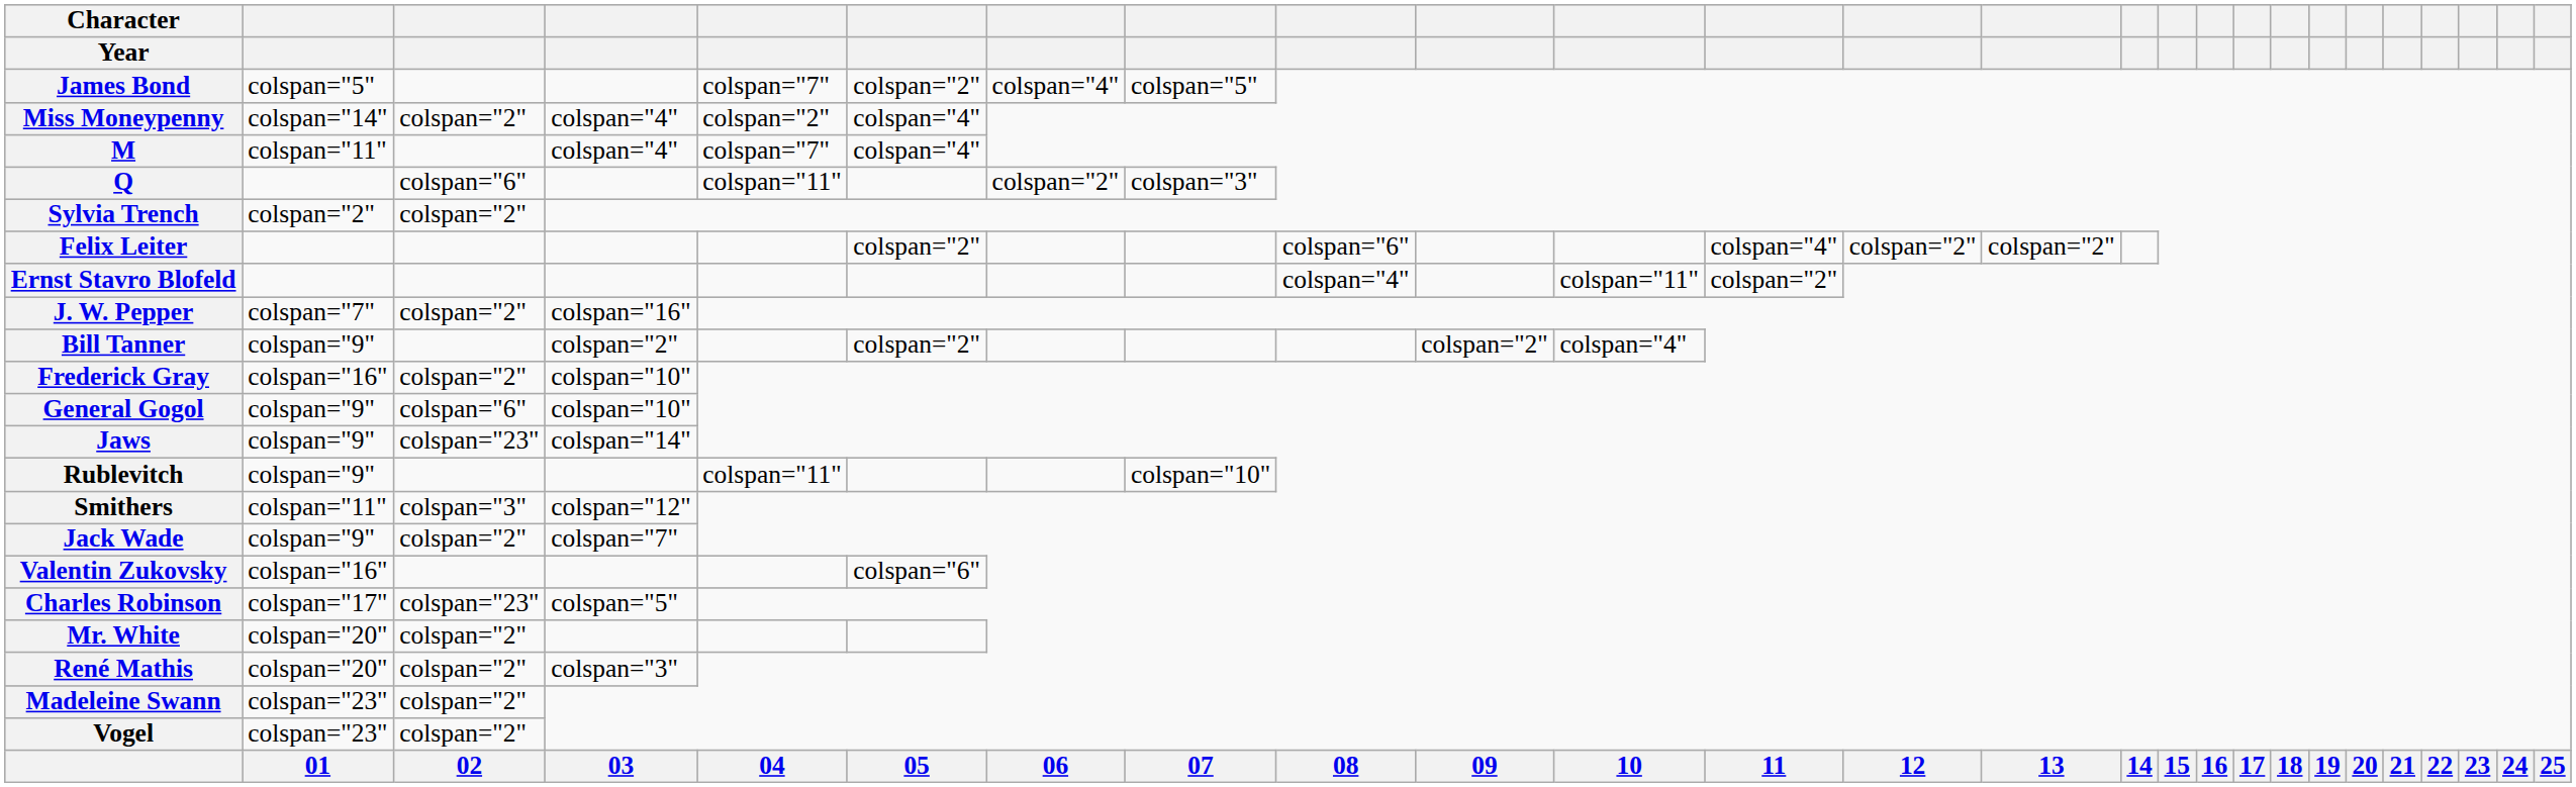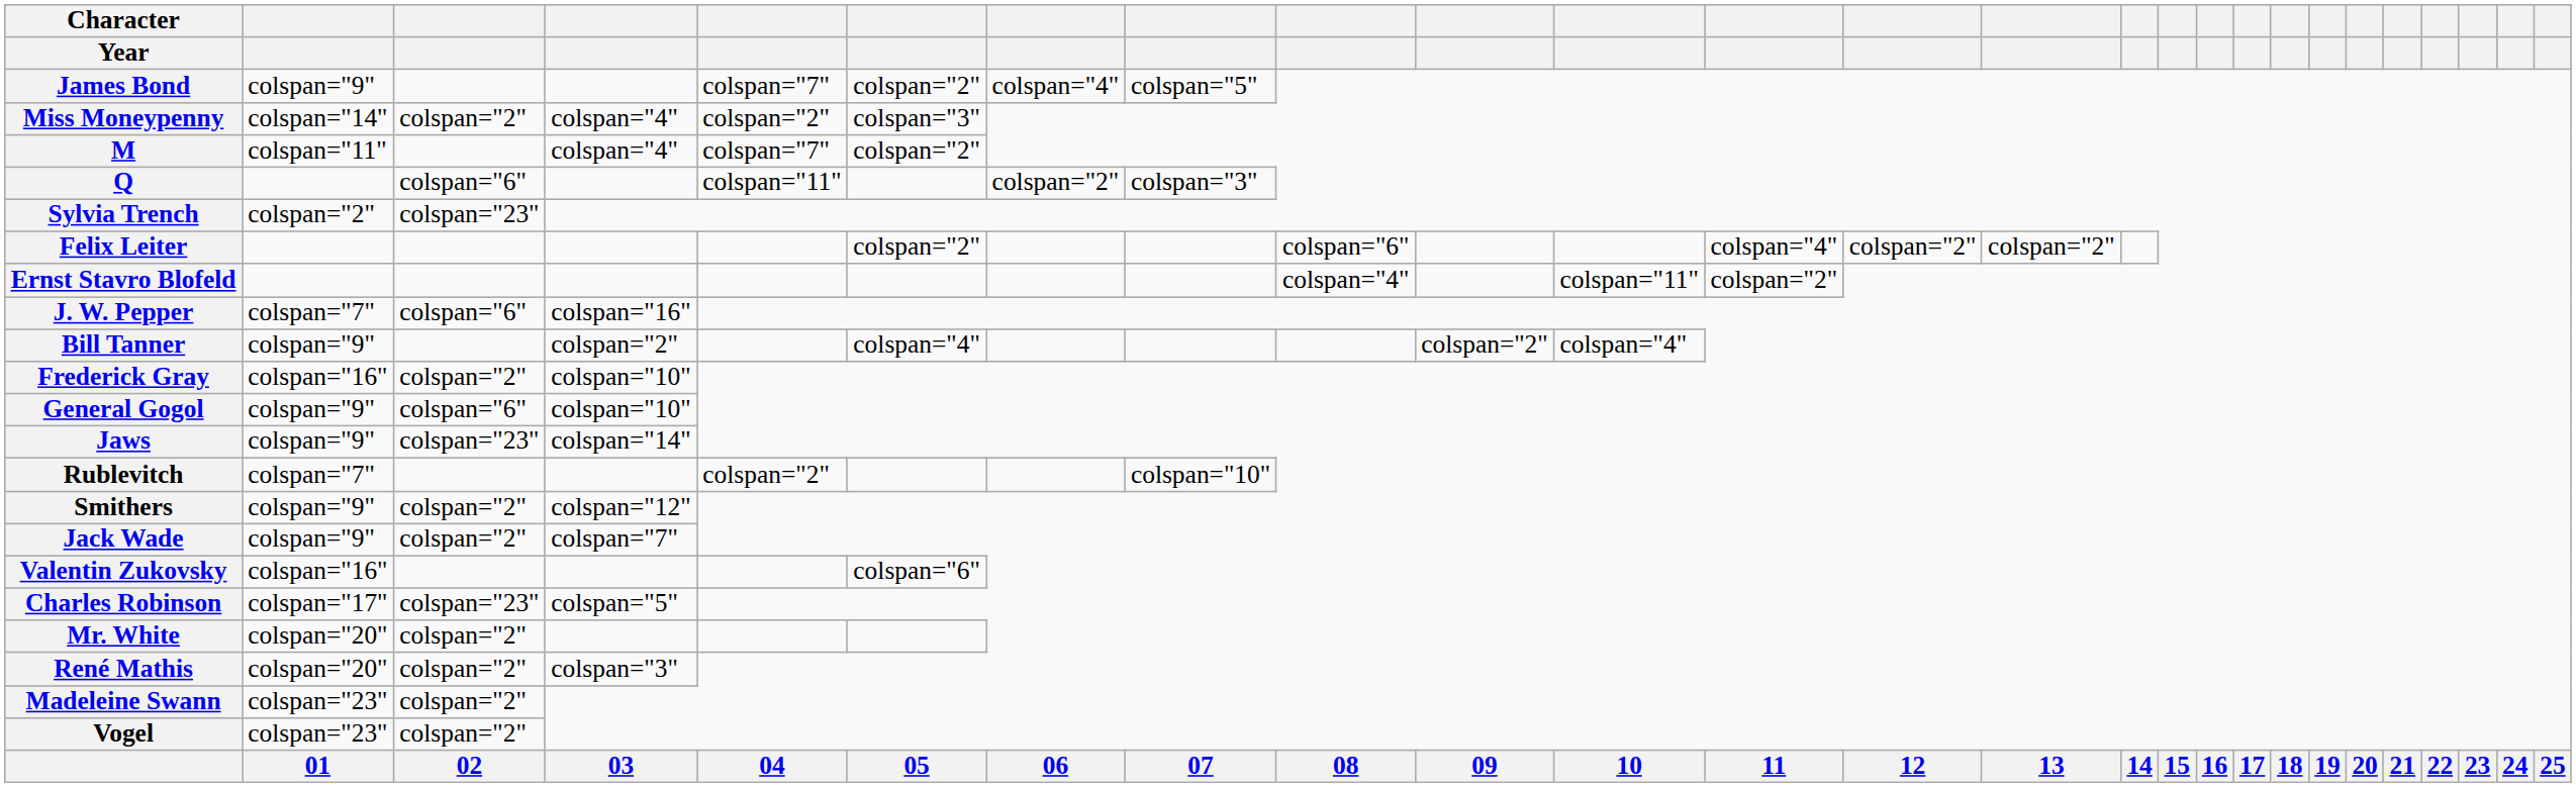 <table class="wikitable" style="line-height:0.8;">
 <tr>
 <th>Character</th>
 <th></th>
 <th></th>
 <th></th>
 <th></th>
 <th></th>
 <th></th>
 <th></th>
 <th></th>
 <th></th>
 <th></th>
 <th></th>
 <th></th>
 <th></th>
 <th></th>
 <th></th>
 <th></th>
 <th></th>
 <th></th>
 <th></th>
 <th></th>
 <th></th>
 <th></th>
 <th></th>
 <th></th>
 <th></th>
 </tr>
 <tr>
 <th>Year</th>
 <th></th>
 <th></th>
 <th></th>
 <th></th>
 <th></th>
 <th></th>
 <th></th>
 <th></th>
 <th></th>
 <th></th>
 <th></th>
 <th></th>
 <th></th>
 <th></th>
 <th></th>
 <th></th>
 <th></th>
 <th></th>
 <th></th>
 <th></th>
 <th></th>
 <th></th>
 <th></th>
 <th></th>
 <th></th>
 </tr>
 <tr>
 <th><a href='#'>James Bond</a></th>
-<td>colspan="5" </td>
+<td>colspan="9" </td>
 <td></td>
 <td></td>
 <td>colspan="7" </td>
 <td>colspan="2" </td>
 <td>colspan="4"</td>
 <td>colspan="5" </td>
 </tr>
 <tr>
 <th><a href='#'>Miss Moneypenny</a></th>
 <td>colspan="14" </td>
 <td>colspan="2" </td>
 <td>colspan="4" </td>
 <td>colspan="2" </td>
-<td>colspan="4" </td>
+<td>colspan="3" </td>
 </tr>
 <tr>
 <th><a href='#'>M</a></th>
 <td>colspan="11" </td>
 <td></td>
 <td>colspan="4" </td>
 <td>colspan="7" </td>
-<td>colspan="4" </td>
+<td>colspan="2" </td>
 </tr>
 <tr>
 <th><a href='#'>Q</a></th>
 <td></td>
 <td>colspan="6" </td>
 <td></td>
 <td>colspan="11" </td>
 <td></td>
 <td>colspan="2" </td>
 <td>colspan="3" </td>
 </tr>
 <tr>
 <th><a href='#'>Sylvia Trench</a></th>
 <td>colspan="2" </td>
-<td>colspan="2" </td>
+<td>colspan="23" </td>
 </tr>
 <tr>
 <th><a href='#'>Felix Leiter</a></th>
 <td></td>
 <td></td>
 <td></td>
 <td></td>
 <td>colspan="2" </td>
 <td></td>
 <td></td>
 <td>colspan="6" </td>
 <td></td>
 <td></td>
 <td>colspan="4" </td>
 <td>colspan="2" </td>
 <td>colspan="2" </td>
 <td></td>
 </tr>
 <tr>
 <th><a href='#'>Ernst Stavro Blofeld</a></th>
 <td></td>
 <td></td>
 <td></td>
 <td></td>
 <td></td>
 <td></td>
 <td></td>
 <td>colspan="4" </td>
 <td></td>
 <td>colspan="11" </td>
 <td>colspan="2" </td>
 </tr>
 <tr>
 <th><a href='#'>J. W. Pepper</a></th>
 <td>colspan="7" </td>
-<td>colspan="2" </td>
+<td>colspan="6" </td>
 <td>colspan="16" </td>
 </tr>
 <tr>
 <th><a href='#'>Bill Tanner</a></th>
 <td>colspan="9" </td>
 <td></td>
 <td>colspan="2" </td>
 <td></td>
-<td>colspan="2" </td>
+<td>colspan="4" </td>
 <td></td>
 <td></td>
 <td></td>
 <td>colspan="2" </td>
 <td>colspan="4" </td>
 </tr>
 <tr>
 <th><a href='#'>Frederick Gray</a></th>
 <td>colspan="16" </td>
 <td>colspan="2" </td>
 <td>colspan="10" </td>
 </tr>
 <tr>
 <th><a href='#'>General Gogol</a></th>
 <td>colspan="9" </td>
 <td>colspan="6" </td>
 <td>colspan="10" </td>
 </tr>
 <tr>
 <th><a href='#'>Jaws</a></th>
 <td>colspan="9" </td>
 <td>colspan="23" </td>
 <td>colspan="14" </td>
 </tr>
 <tr>
 <th>Rublevitch</th>
-<td>colspan="9" </td>
+<td>colspan="7" </td>
 <td></td>
 <td></td>
-<td>colspan="11" </td>
+<td>colspan="2" </td>
 <td></td>
 <td></td>
 <td>colspan="10" </td>
 </tr>
 <tr>
 <th>Smithers</th>
-<td>colspan="11" </td>
-<td>colspan="3" </td>
+<td>colspan="9" </td>
+<td>colspan="2" </td>
 <td>colspan="12" </td>
 </tr>
 <tr>
 <th><a href='#'>Jack Wade</a></th>
 <td>colspan="9" </td>
 <td>colspan="2" </td>
 <td>colspan="7" </td>
 </tr>
 <tr>
 <th><a href='#'>Valentin Zukovsky</a></th>
 <td>colspan="16" </td>
 <td></td>
 <td></td>
 <td></td>
 <td>colspan="6" </td>
 </tr>
 <tr>
 <th><a href='#'>Charles Robinson</a></th>
 <td>colspan="17" </td>
 <td>colspan="23" </td>
 <td>colspan="5" </td>
 </tr>
 <tr>
 <th><a href='#'>Mr. White</a></th>
 <td>colspan="20" </td>
 <td>colspan="2" </td>
 <td></td>
 <td></td>
 <td></td>
 </tr>
 <tr>
 <th><a href='#'>René Mathis</a></th>
 <td>colspan="20" </td>
 <td>colspan="2" </td>
 <td>colspan="3" </td>
 </tr>
 <tr>
 <th><a href='#'>Madeleine Swann</a></th>
 <td>colspan="23" </td>
 <td>colspan="2" </td>
 </tr>
 <tr>
 <th>Vogel</th>
 <td>colspan="23" </td>
 <td>colspan="2" </td>
 </tr>
 <tr>
 <th></th>
 <th><a href='#'>01</a></th>
 <th><a href='#'>02</a></th>
 <th><a href='#'>03</a></th>
 <th><a href='#'>04</a></th>
 <th><a href='#'>05</a></th>
 <th><a href='#'>06</a></th>
 <th><a href='#'>07</a></th>
 <th><a href='#'>08</a></th>
 <th><a href='#'>09</a></th>
 <th><a href='#'>10</a></th>
 <th><a href='#'>11</a></th>
 <th><a href='#'>12</a></th>
 <th><a href='#'>13</a></th>
 <th><a href='#'>14</a></th>
 <th><a href='#'>15</a></th>
 <th><a href='#'>16</a></th>
 <th><a href='#'>17</a></th>
 <th><a href='#'>18</a></th>
 <th><a href='#'>19</a></th>
 <th><a href='#'>20</a></th>
 <th><a href='#'>21</a></th>
 <th><a href='#'>22</a></th>
 <th><a href='#'>23</a></th>
 <th><a href='#'>24</a></th>
 <th><a href='#'>25</a></th>
 </tr>
 </table>
